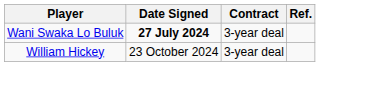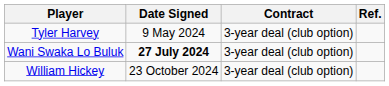 <table class="wikitable sortable sortable" style="text-align: center">
 <tr>
 <th>Player</th>
 <th>Date Signed</th>
 <th>Contract</th>
 <th>Ref.</th>
 </tr>
 <tr>
+<td><a href='#'>Tyler Harvey</a></td>
+<td>9 May 2024</td>
+<td>3-year deal (club option)</td>
+<td></td>
+</tr>
+<tr>
 <td><a href='#'>Wani Swaka Lo Buluk</a></td>
 <td><strong>27 July 2024</strong></td>
-<td>3-year deal</td>
+<td>3-year deal (club option)</td>
 <td></td>
 </tr>
 <tr>
 <td><a href='#'>William Hickey</a></td>
 <td>23 October 2024</td>
-<td>3-year deal</td>
+<td>3-year deal (club option)</td>
 <td></td>
 </tr>
 </table>
